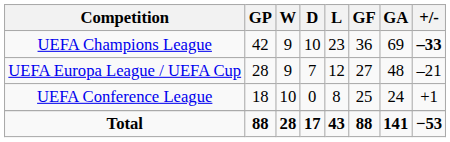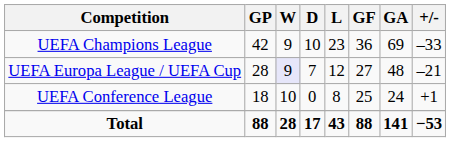 <table class="wikitable" style="text-align:center">
 <tr>
 <th>Competition</th>
 <th>GP</th>
 <th>W</th>
 <th>D</th>
 <th>L</th>
 <th>GF</th>
 <th>GA</th>
 <th>+/-</th>
 </tr>
 <tr>
 <td><a href='#'>UEFA Champions League</a></td>
 <td>42</td>
 <td>9</td>
 <td>10</td>
 <td>23</td>
 <td>36</td>
 <td>69</td>
-<td><strong>–33</strong></td>
+<td>–33</td>
 </tr>
 <tr>
 <td><a href='#'>UEFA Europa League / UEFA Cup</a></td>
 <td>28</td>
-<td>9</td>
+<td style="background: lavender;">9</td>
 <td>7</td>
 <td>12</td>
 <td>27</td>
 <td>48</td>
 <td>–21</td>
 </tr>
 <tr>
 <td><a href='#'>UEFA Conference League</a></td>
 <td>18</td>
 <td>10</td>
 <td>0</td>
 <td>8</td>
 <td>25</td>
 <td>24</td>
 <td>+1</td>
 </tr>
 <tr>
 </tr>
 <tr class="unsortable">
 <td><strong>Total</strong></td>
 <td><strong>88</strong></td>
 <td><strong>28</strong></td>
 <td><strong>17</strong></td>
 <td><strong>43</strong></td>
 <td><strong>88</strong></td>
 <td><strong>141</strong></td>
 <td><strong>−53</strong></td>
 </tr>
 </table>
